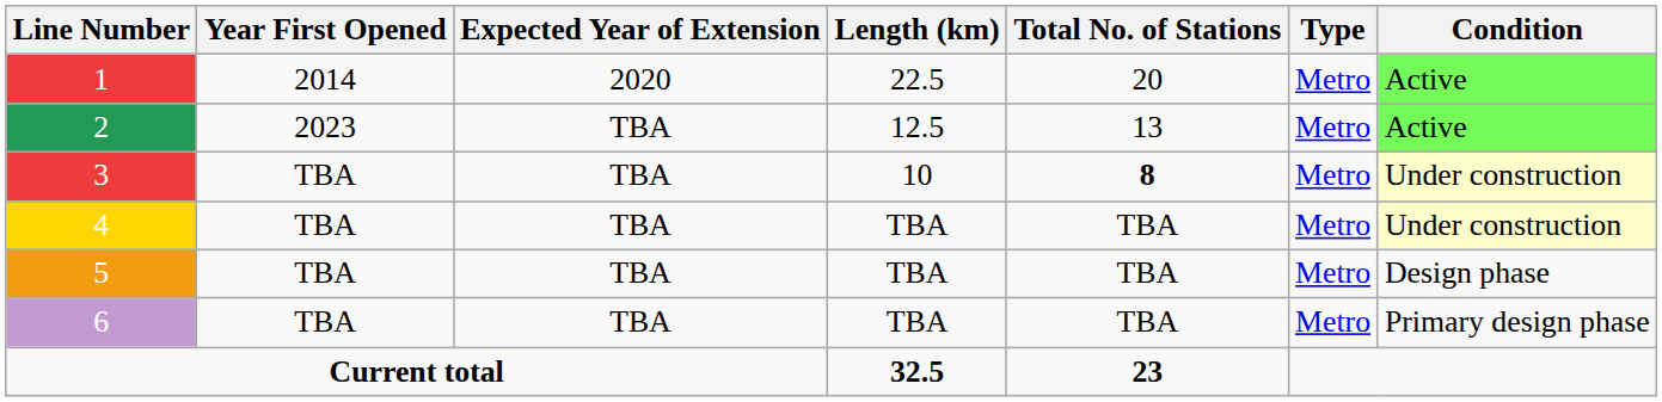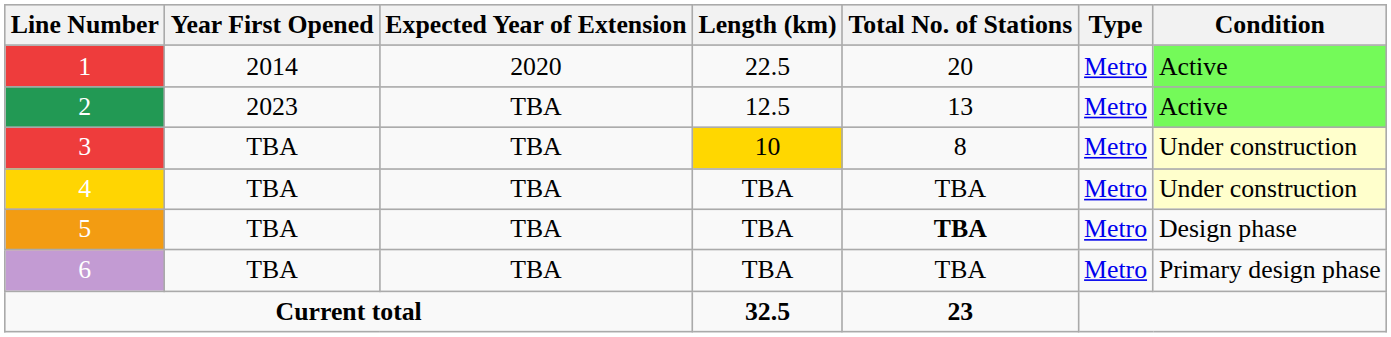 <table class="wikitable">
 <tr>
 <th>Line Number</th>
 <th>Year First Opened</th>
 <th>Expected Year of Extension</th>
 <th>Length (km)</th>
 <th>Total No. of Stations</th>
 <th>Type</th>
 <th>Condition</th>
 </tr>
 <tr>
 <td style="text-align:center; color:#FFFFFF; background-color:#EE3C3C">1</td>
 <td style="text-align:center">2014</td>
 <td style="text-align:center">2020</td>
 <td style="text-align:center">22.5</td>
 <td style="text-align:center">20</td>
 <td><a href='#'>Metro</a></td>
 <td style="background-color:#74FA59">Active</td>
 </tr>
 <tr>
 <td style="text-align:center; color:#FFFFFF; background-color:#229954">2</td>
 <td style="text-align:center">2023</td>
 <td style="text-align:center">TBA</td>
 <td style="text-align:center">12.5</td>
 <td style="text-align:center">13</td>
 <td><a href='#'>Metro</a></td>
 <td style="background-color:#74FA59">Active</td>
 </tr>
 <tr>
 <td style="text-align:center; color:#FFFFFF; background-color:#EE3C3C">3</td>
 <td style="text-align:center">TBA</td>
 <td style="text-align:center">TBA</td>
-<td style="text-align:center">10</td>
-<td style="text-align:center"><strong>8</strong></td>
+<td style="background: gold; text-align:center">10</td>
+<td style="text-align:center">8</td>
 <td><a href='#'>Metro</a></td>
 <td style="background:#FFC">Under construction</td>
 </tr>
 <tr>
 <td style="text-align:center; color:#FFFFFF; background-color:#FFD502">4</td>
 <td style="text-align:center">TBA</td>
 <td style="text-align:center">TBA</td>
 <td style="text-align:center">TBA</td>
 <td style="text-align:center">TBA</td>
 <td><a href='#'>Metro</a></td>
 <td style="background:#FFC">Under construction</td>
 </tr>
 <tr>
 <td style="text-align:center; color:#FFFFFF; background-color:#F39C12">5</td>
 <td style="text-align:center">TBA</td>
 <td style="text-align:center">TBA</td>
 <td style="text-align:center">TBA</td>
-<td style="text-align:center">TBA</td>
+<td style="text-align:center"><strong>TBA</strong></td>
 <td><a href='#'>Metro</a></td>
 <td>Design phase</td>
 </tr>
 <tr>
 <td style="text-align:center; color:#FFFFFF; background-color:#C39BD3">6</td>
 <td style="text-align:center">TBA</td>
 <td style="text-align:center">TBA</td>
 <td style="text-align:center">TBA</td>
 <td style="text-align:center">TBA</td>
 <td><a href='#'>Metro</a></td>
 <td>Primary design phase</td>
 </tr>
 <tr>
 <td colspan=3 style="text-align:center"><strong>Current total</strong></td>
 <td style="text-align:center"><strong>32.5</strong></td>
 <td style="text-align:center"><strong>23</strong></td>
 <td colspan=2 style="text-align:center"></td>
 </tr>
 </table>
